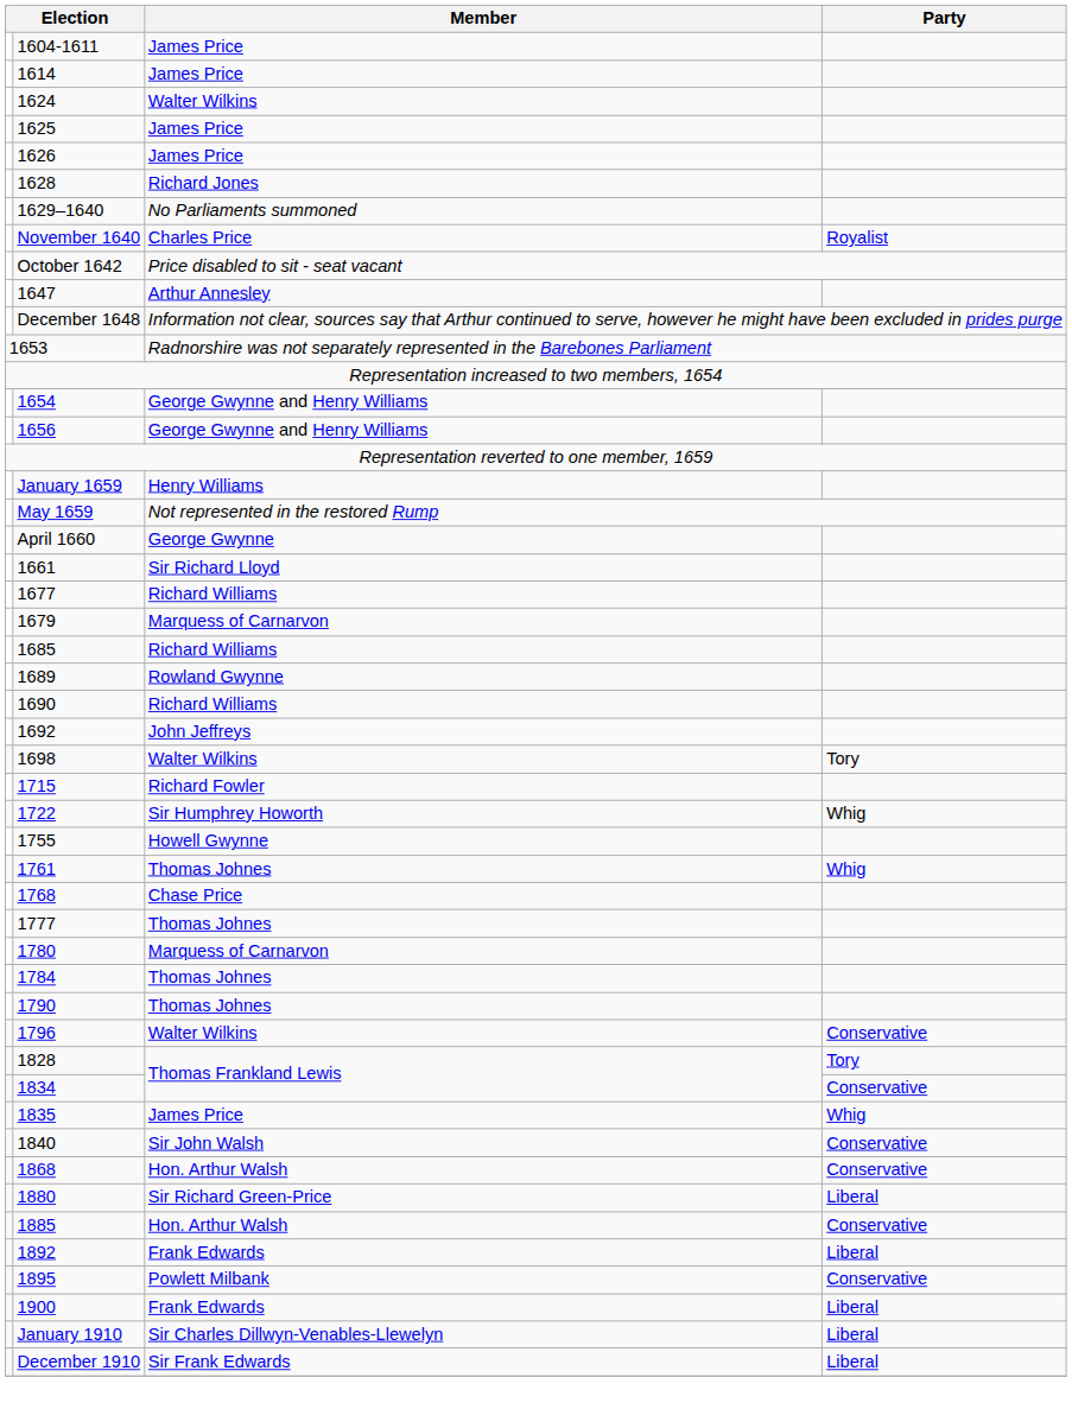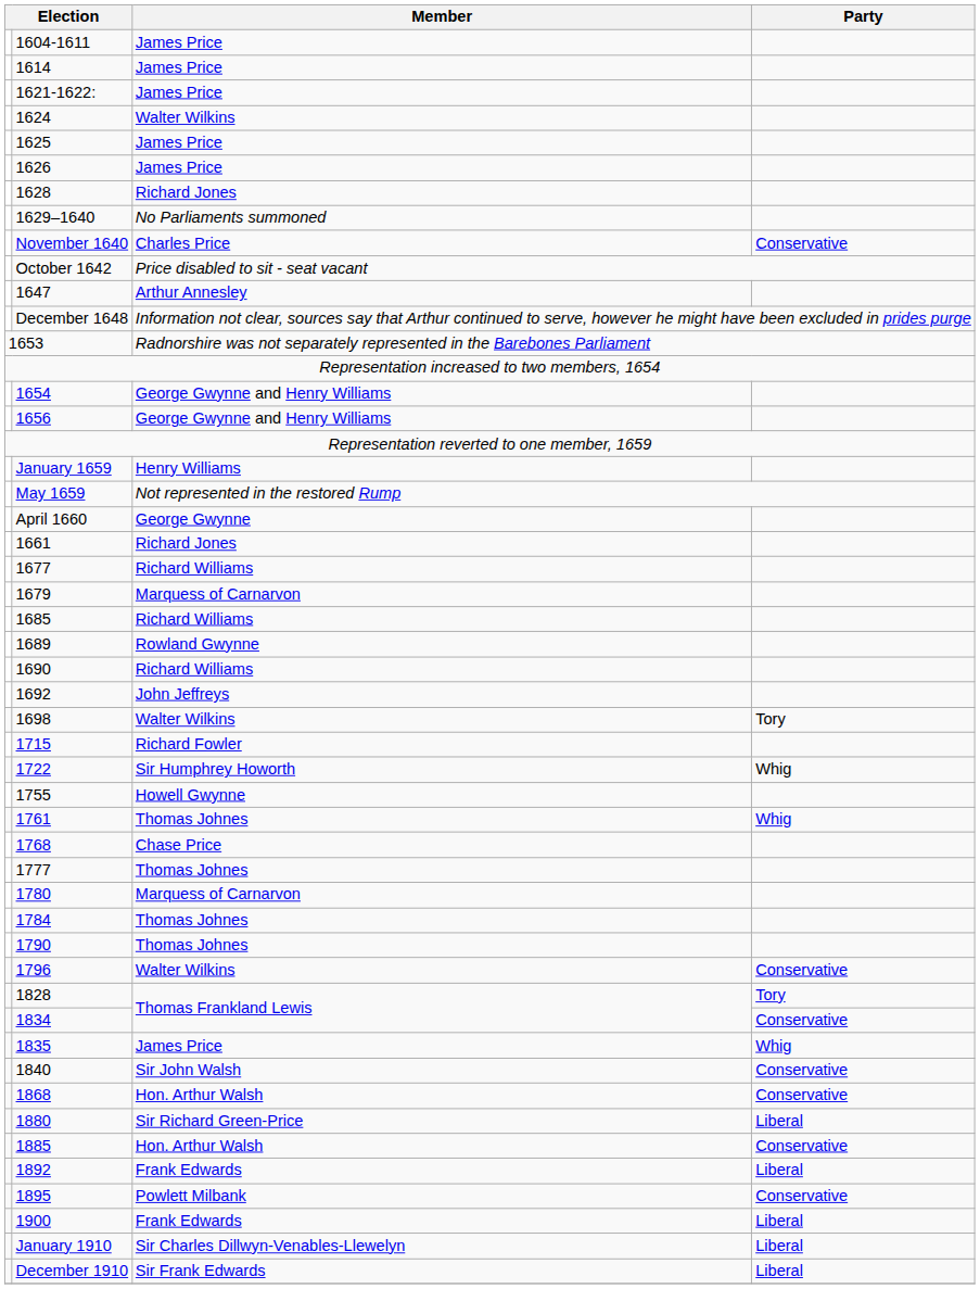 <table class="wikitable">
 <tr>
 <th colspan="2">Election</th>
 <th>Member</th>
 <th>Party</th>
 </tr>
 <tr>
 <td style="color:inherit;background-color: white"></td>
 <td>1604-1611</td>
 <td><a href='#'>James Price</a></td>
 <td></td>
 </tr>
 <tr>
 <td style="color:inherit;background-color: white"></td>
 <td>1614</td>
+<td><a href='#'>James Price</a></td>
+<td></td>
+</tr>
+<tr>
+<td style="color:inherit;background-color: white"></td>
+<td>1621-1622:</td>
 <td><a href='#'>James Price</a></td>
 <td></td>
 </tr>
 <tr>
 <td style="color:inherit;background-color: white"></td>
 <td>1624</td>
 <td><a href='#'>Walter Wilkins</a></td>
 <td></td>
 </tr>
 <tr>
 <td style="color:inherit;background-color: white"></td>
 <td>1625</td>
 <td><a href='#'>James Price</a></td>
 <td></td>
 </tr>
 <tr>
 <td style="color:inherit;background-color: white"></td>
 <td>1626</td>
 <td><a href='#'>James Price</a></td>
 <td></td>
 </tr>
 <tr>
 <td style="color:inherit;background-color: white"></td>
 <td>1628</td>
 <td><a href='#'>Richard Jones</a></td>
 <td></td>
 </tr>
 <tr>
 <td style="color:inherit;background-color: white"></td>
 <td>1629–1640</td>
 <td><em> No Parliaments summoned</em></td>
 <td></td>
 </tr>
 <tr>
 <td style="color:inherit;background-color: white"></td>
 <td><a href='#'>November 1640</a></td>
 <td><a href='#'>Charles Price</a></td>
-<td><a href='#'>Royalist</a></td>
+<td><a href='#'>Conservative</a></td>
 </tr>
 <tr>
 <td style="color:inherit;background-color: white"></td>
 <td>October 1642</td>
 <td colspan="2"><em>Price disabled to sit - seat vacant</em></td>
 </tr>
 <tr>
 <td style="color:inherit;background-color: white"></td>
 <td>1647</td>
 <td><a href='#'>Arthur Annesley</a></td>
 <td></td>
 </tr>
 <tr>
 <td style="color:inherit;background-color: white"></td>
 <td>December 1648</td>
 <td colspan="2"><em>Information not clear, sources say that Arthur continued to serve, however he might have been excluded in <a href='#'>prides purge</a></em></td>
 </tr>
 <tr>
 <td colspan="2">1653</td>
 <td colspan="2"><em>Radnorshire was not separately represented in the <a href='#'>Barebones Parliament</a></em></td>
 </tr>
 <tr>
 <td colspan="4" style="text-align:center;"><em>Representation increased to two members, 1654</em></td>
 </tr>
 <tr>
 <td style="color:inherit;background-color: white"></td>
 <td><a href='#'>1654</a></td>
 <td><a href='#'>George Gwynne</a> and <a href='#'>Henry Williams</a></td>
 <td></td>
 </tr>
 <tr>
 <td style="color:inherit;background-color: white"></td>
 <td><a href='#'>1656</a></td>
 <td><a href='#'>George Gwynne</a> and <a href='#'>Henry Williams</a></td>
 <td></td>
 </tr>
 <tr>
 <td colspan="4" style="text-align:center;"><em>Representation reverted to one member, 1659</em></td>
 </tr>
 <tr>
 <td style="color:inherit;background-color: white"></td>
 <td><a href='#'>January 1659</a></td>
 <td><a href='#'>Henry Williams</a></td>
 <td></td>
 </tr>
 <tr>
 <td style="color:inherit;background-color: white"></td>
 <td><a href='#'>May 1659</a></td>
 <td colspan="2"><em>Not represented in the restored <a href='#'>Rump</a></em></td>
 </tr>
 <tr>
 <td style="color:inherit;background-color: white"></td>
 <td>April 1660</td>
 <td><a href='#'>George Gwynne</a></td>
 <td></td>
 </tr>
 <tr>
 <td style="color:inherit;background-color: white"></td>
 <td>1661</td>
-<td><a href='#'>Sir Richard Lloyd</a></td>
+<td><a href='#'>Richard Jones</a></td>
 <td></td>
 </tr>
 <tr>
 <td style="color:inherit;background-color: white"></td>
 <td>1677</td>
 <td><a href='#'>Richard Williams</a></td>
 <td></td>
 </tr>
 <tr>
 <td style="color:inherit;background-color: white"></td>
 <td>1679</td>
 <td><a href='#'>Marquess of Carnarvon</a></td>
 <td></td>
 </tr>
 <tr>
 <td style="color:inherit;background-color: white"></td>
 <td>1685</td>
 <td><a href='#'>Richard Williams</a></td>
 <td></td>
 </tr>
 <tr>
 <td style="color:inherit;background-color: white"></td>
 <td>1689</td>
 <td><a href='#'>Rowland Gwynne</a></td>
 <td></td>
 </tr>
 <tr>
 <td style="color:inherit;background-color: white"></td>
 <td>1690</td>
 <td><a href='#'>Richard Williams</a></td>
 <td></td>
 </tr>
 <tr>
 <td style="color:inherit;background-color: white"></td>
 <td>1692</td>
 <td><a href='#'>John Jeffreys</a></td>
 <td></td>
 </tr>
 <tr>
 <td style="color:inherit;background-color: "></td>
 <td>1698</td>
 <td><a href='#'>Walter Wilkins</a></td>
 <td>Tory</td>
 </tr>
 <tr>
 <td style="color:inherit;background-color: white"></td>
 <td><a href='#'>1715</a></td>
 <td><a href='#'>Richard Fowler</a></td>
 <td></td>
 </tr>
 <tr>
 <td style="color:inherit;background-color: "></td>
 <td><a href='#'>1722</a></td>
 <td><a href='#'>Sir Humphrey Howorth</a></td>
 <td>Whig</td>
 </tr>
 <tr>
 <td style="color:inherit;background-color: white"></td>
 <td>1755</td>
 <td><a href='#'>Howell Gwynne</a></td>
 <td></td>
 </tr>
 <tr>
 <td style="color:inherit;background-color: "></td>
 <td><a href='#'>1761</a></td>
 <td><a href='#'>Thomas Johnes</a></td>
 <td><a href='#'>Whig</a></td>
 </tr>
 <tr>
 <td style="color:inherit;background-color: white"></td>
 <td><a href='#'>1768</a></td>
 <td><a href='#'>Chase Price</a></td>
 <td></td>
 </tr>
 <tr>
 <td style="color:inherit;background-color: white"></td>
 <td>1777</td>
 <td><a href='#'>Thomas Johnes</a></td>
 <td></td>
 </tr>
 <tr>
 <td style="color:inherit;background-color: white"></td>
 <td><a href='#'>1780</a></td>
 <td><a href='#'>Marquess of Carnarvon</a></td>
 <td></td>
 </tr>
 <tr>
 <td style="color:inherit;background-color: white"></td>
 <td><a href='#'>1784</a></td>
 <td><a href='#'>Thomas Johnes</a></td>
 <td></td>
 </tr>
 <tr>
 <td style="color:inherit;background-color: white"></td>
 <td><a href='#'>1790</a></td>
 <td><a href='#'>Thomas Johnes</a></td>
 <td></td>
 </tr>
 <tr>
 <td style="color:inherit;background-color: "></td>
 <td><a href='#'>1796</a></td>
 <td><a href='#'>Walter Wilkins</a></td>
 <td><a href='#'>Conservative</a></td>
 </tr>
 <tr>
 <td style="color:inherit;background-color: "></td>
 <td>1828</td>
 <td rowspan="2"><a href='#'>Thomas Frankland Lewis</a></td>
 <td><a href='#'>Tory</a></td>
 </tr>
 <tr>
 <td style="color:inherit;background-color: "></td>
 <td><a href='#'>1834</a></td>
 <td><a href='#'>Conservative</a></td>
 </tr>
 <tr>
 <td style="color:inherit;background-color: "></td>
 <td><a href='#'>1835</a></td>
 <td><a href='#'>James Price</a></td>
 <td><a href='#'>Whig</a></td>
 </tr>
 <tr>
 <td style="color:inherit;background-color: "></td>
 <td>1840</td>
 <td><a href='#'>Sir John Walsh</a></td>
 <td><a href='#'>Conservative</a></td>
 </tr>
 <tr>
 <td style="color:inherit;background-color: "></td>
 <td><a href='#'>1868</a></td>
 <td><a href='#'>Hon. Arthur Walsh</a></td>
 <td><a href='#'>Conservative</a></td>
 </tr>
 <tr>
 <td style="color:inherit;background-color: "></td>
 <td><a href='#'>1880</a></td>
 <td><a href='#'>Sir Richard Green-Price</a></td>
 <td><a href='#'>Liberal</a></td>
 </tr>
 <tr>
 <td style="color:inherit;background-color: "></td>
 <td><a href='#'>1885</a></td>
 <td><a href='#'>Hon. Arthur Walsh</a></td>
 <td><a href='#'>Conservative</a></td>
 </tr>
 <tr>
 <td style="color:inherit;background-color: "></td>
 <td><a href='#'>1892</a></td>
 <td><a href='#'>Frank Edwards</a></td>
 <td><a href='#'>Liberal</a></td>
 </tr>
 <tr>
 <td style="color:inherit;background-color: "></td>
 <td><a href='#'>1895</a></td>
 <td><a href='#'>Powlett Milbank</a></td>
 <td><a href='#'>Conservative</a></td>
 </tr>
 <tr>
 <td style="color:inherit;background-color: "></td>
 <td><a href='#'>1900</a></td>
 <td><a href='#'>Frank Edwards</a></td>
 <td><a href='#'>Liberal</a></td>
 </tr>
 <tr>
 <td style="color:inherit;background-color: "></td>
 <td><a href='#'>January 1910</a></td>
 <td><a href='#'>Sir Charles Dillwyn-Venables-Llewelyn</a></td>
 <td><a href='#'>Liberal</a></td>
 </tr>
 <tr>
 <td style="color:inherit;background-color: "></td>
 <td><a href='#'>December 1910</a></td>
 <td><a href='#'>Sir Frank Edwards</a></td>
 <td><a href='#'>Liberal</a></td>
 </tr>
 <tr>
 </tr>
 </table>
